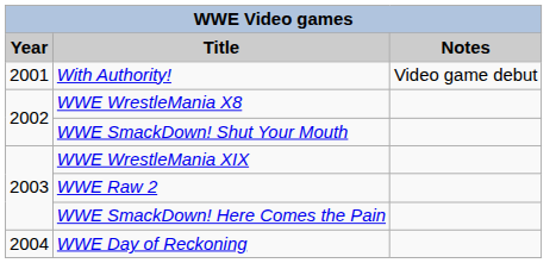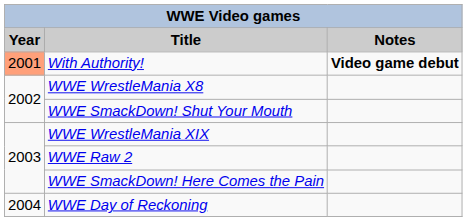 <table class="wikitable sortable">
 <tr style="text-align:center;">
 <th colspan=4 style="background:#B0C4DE;">WWE Video games</th>
 </tr>
 <tr style="text-align:center;">
 <th style="background:#ccc;">Year</th>
 <th style="background:#ccc;">Title</th>
 <th style="background:#ccc;">Notes</th>
 </tr>
 <tr>
-<td>2001</td>
+<td style="background: lightsalmon;">2001</td>
 <td><em><a href='#'>With Authority!</a></em></td>
-<td>Video game debut</td>
+<td><strong>Video game debut</strong></td>
 </tr>
 <tr>
 <td rowspan="2">2002</td>
 <td><em><a href='#'>WWE WrestleMania X8</a></em></td>
 <td></td>
 </tr>
 <tr>
 <td><em><a href='#'>WWE SmackDown! Shut Your Mouth</a></em></td>
 <td></td>
 </tr>
 <tr>
 <td rowspan="3">2003</td>
 <td><em><a href='#'>WWE WrestleMania XIX</a></em></td>
 <td></td>
 </tr>
 <tr>
 <td><em><a href='#'>WWE Raw 2</a></em></td>
 <td></td>
 </tr>
 <tr>
 <td><em><a href='#'>WWE SmackDown! Here Comes the Pain</a></em></td>
 <td></td>
 </tr>
 <tr>
 <td>2004</td>
 <td><em><a href='#'>WWE Day of Reckoning</a></em></td>
 <td></td>
 </tr>
 </table>
